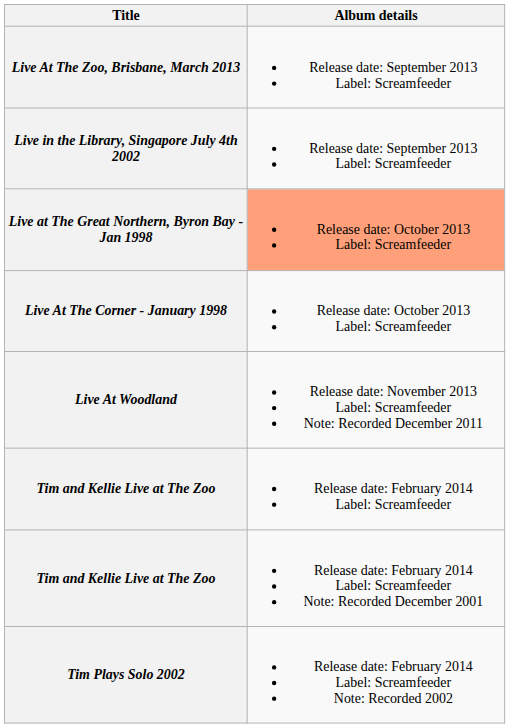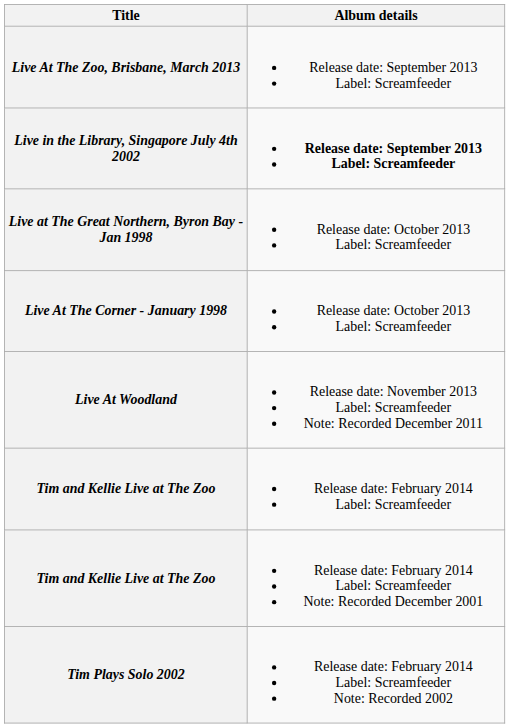 <table class="wikitable plainrowheaders" style="text-align:center;" border="1">
 <tr>
 <th scope="col" rowspan="1" style="width:17em;">Title</th>
 <th scope="col" rowspan="1" style="width:18em;">Album details</th>
 </tr>
 <tr>
 <th scope="row"><em>Live At The Zoo, Brisbane, March 2013</em></th>
 <td><br><ul><li>Release date: September 2013</li><li>Label: Screamfeeder</li></ul></td>
 </tr>
 <tr>
 <th scope="row"><em>Live in the Library, Singapore July 4th 2002</em></th>
-<td><br><ul><li>Release date: September 2013</li><li>Label: Screamfeeder</li></ul></td>
+<td><strong><br><ul><li>Release date: September 2013</li><li>Label: Screamfeeder</li></ul></strong></td>
 </tr>
 <tr>
 <th scope="row"><em>Live at The Great Northern, Byron Bay - Jan 1998</em></th>
-<td style="background: lightsalmon;"><br><ul><li>Release date: October 2013</li><li>Label: Screamfeeder</li></ul></td>
+<td><br><ul><li>Release date: October 2013</li><li>Label: Screamfeeder</li></ul></td>
 </tr>
 <tr>
 <th scope="row"><em>Live At The Corner - January 1998</em></th>
 <td><br><ul><li>Release date: October 2013</li><li>Label: Screamfeeder</li></ul></td>
 </tr>
 <tr>
 <th scope="row"><em>Live At Woodland</em></th>
 <td><br><ul><li>Release date: November 2013</li><li>Label: Screamfeeder</li><li>Note: Recorded December 2011</li></ul></td>
 </tr>
 <tr>
 <th scope="row"><em>Tim and Kellie Live at The Zoo</em></th>
 <td><br><ul><li>Release date: February 2014</li><li>Label: Screamfeeder</li></ul></td>
 </tr>
 <tr>
 <th scope="row"><em>Tim and Kellie Live at The Zoo</em></th>
 <td><br><ul><li>Release date: February 2014</li><li>Label: Screamfeeder</li><li>Note: Recorded December 2001</li></ul></td>
 </tr>
 <tr>
 <th scope="row"><em>Tim Plays Solo 2002</em></th>
 <td><br><ul><li>Release date: February 2014</li><li>Label: Screamfeeder</li><li>Note: Recorded 2002</li></ul></td>
 </tr>
 </table>
